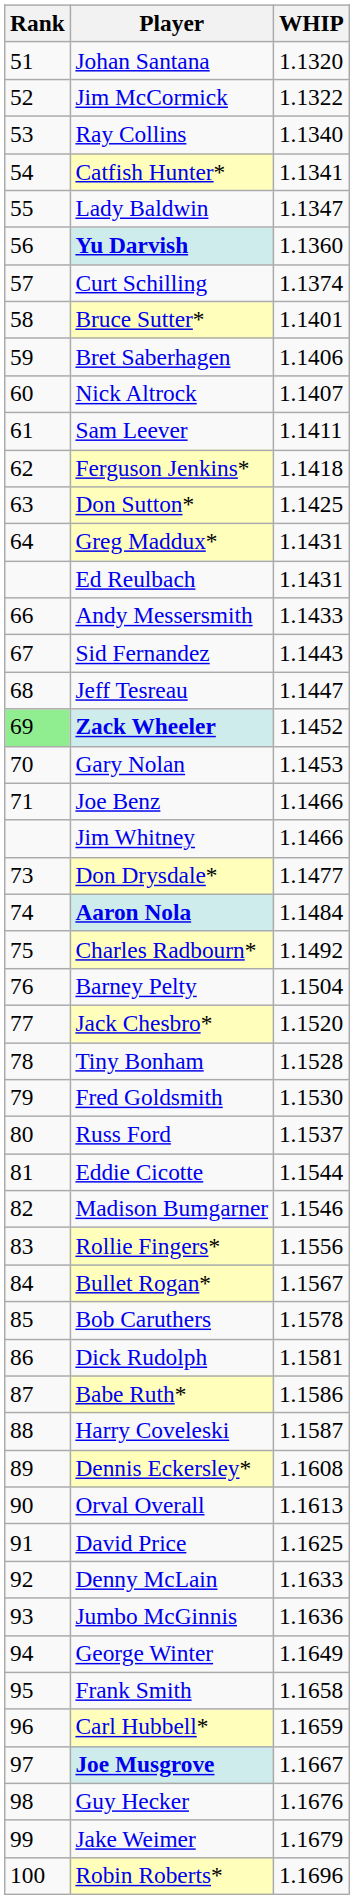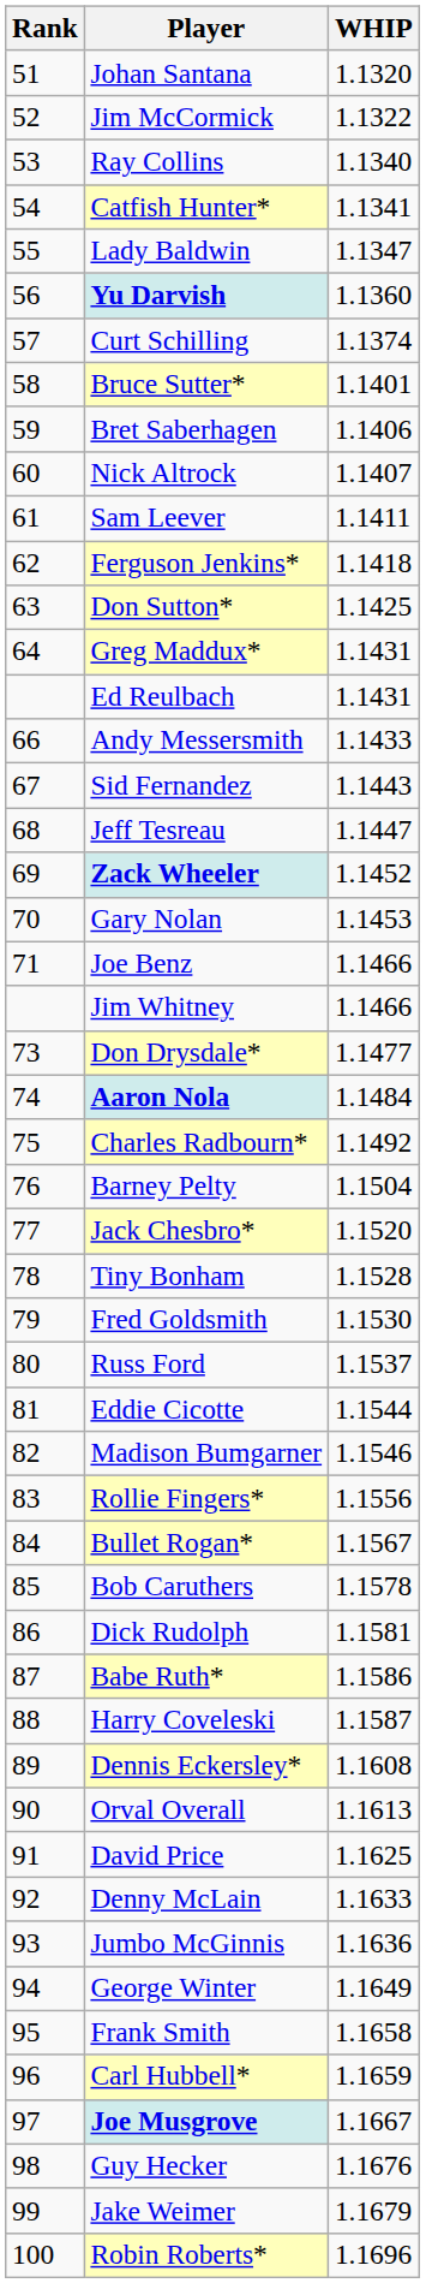 <table class="wikitable" style="float:left;">
 <tr style="white-space:nowrap;">
 <th>Rank</th>
 <th>Player</th>
 <th>WHIP</th>
 </tr>
 <tr>
 <td>51</td>
 <td><a href='#'>Johan Santana</a></td>
 <td>1.1320</td>
 </tr>
 <tr>
 <td>52</td>
 <td><a href='#'>Jim McCormick</a></td>
 <td>1.1322</td>
 </tr>
 <tr>
 <td>53</td>
 <td><a href='#'>Ray Collins</a></td>
 <td>1.1340</td>
 </tr>
 <tr>
 <td>54</td>
 <td style="background:#ffffbb;"><a href='#'>Catfish Hunter</a>*</td>
 <td>1.1341</td>
 </tr>
 <tr>
 <td>55</td>
 <td><a href='#'>Lady Baldwin</a></td>
 <td>1.1347</td>
 </tr>
 <tr>
 <td>56</td>
 <td style="background:#cfecec;"><strong><a href='#'>Yu Darvish</a></strong></td>
 <td>1.1360</td>
 </tr>
 <tr>
 <td>57</td>
 <td><a href='#'>Curt Schilling</a></td>
 <td>1.1374</td>
 </tr>
 <tr>
 <td>58</td>
 <td style="background:#ffffbb;"><a href='#'>Bruce Sutter</a>*</td>
 <td>1.1401</td>
 </tr>
 <tr>
 <td>59</td>
 <td><a href='#'>Bret Saberhagen</a></td>
 <td>1.1406</td>
 </tr>
 <tr>
 <td>60</td>
 <td><a href='#'>Nick Altrock</a></td>
 <td>1.1407</td>
 </tr>
 <tr>
 <td>61</td>
 <td><a href='#'>Sam Leever</a></td>
 <td>1.1411</td>
 </tr>
 <tr>
 <td>62</td>
 <td style="background:#ffffbb;"><a href='#'>Ferguson Jenkins</a>*</td>
 <td>1.1418</td>
 </tr>
 <tr>
 <td>63</td>
 <td style="background:#ffffbb;"><a href='#'>Don Sutton</a>*</td>
 <td>1.1425</td>
 </tr>
 <tr>
 <td>64</td>
 <td style="background:#ffffbb;"><a href='#'>Greg Maddux</a>*</td>
 <td>1.1431</td>
 </tr>
 <tr>
 <td></td>
 <td><a href='#'>Ed Reulbach</a></td>
 <td>1.1431</td>
 </tr>
 <tr>
 <td>66</td>
 <td><a href='#'>Andy Messersmith</a></td>
 <td>1.1433</td>
 </tr>
 <tr>
 <td>67</td>
 <td><a href='#'>Sid Fernandez</a></td>
 <td>1.1443</td>
 </tr>
 <tr>
 <td>68</td>
 <td><a href='#'>Jeff Tesreau</a></td>
 <td>1.1447</td>
 </tr>
 <tr>
-<td style="background: lightgreen;">69</td>
+<td>69</td>
 <td style="background:#cfecec;"><strong><a href='#'>Zack Wheeler</a></strong></td>
 <td>1.1452</td>
 </tr>
 <tr>
 <td>70</td>
 <td><a href='#'>Gary Nolan</a></td>
 <td>1.1453</td>
 </tr>
 <tr>
 <td>71</td>
 <td><a href='#'>Joe Benz</a></td>
 <td>1.1466</td>
 </tr>
 <tr>
 <td></td>
 <td><a href='#'>Jim Whitney</a></td>
 <td>1.1466</td>
 </tr>
 <tr>
 <td>73</td>
 <td style="background:#ffffbb;"><a href='#'>Don Drysdale</a>*</td>
 <td>1.1477</td>
 </tr>
 <tr>
 <td>74</td>
 <td style="background:#cfecec;"><strong><a href='#'>Aaron Nola</a></strong></td>
 <td>1.1484</td>
 </tr>
 <tr>
 <td>75</td>
 <td style="background:#ffffbb;"><a href='#'>Charles Radbourn</a>*</td>
 <td>1.1492</td>
 </tr>
 <tr>
 <td>76</td>
 <td><a href='#'>Barney Pelty</a></td>
 <td>1.1504</td>
 </tr>
 <tr>
 <td>77</td>
 <td style="background:#ffffbb;"><a href='#'>Jack Chesbro</a>*</td>
 <td>1.1520</td>
 </tr>
 <tr>
 <td>78</td>
 <td><a href='#'>Tiny Bonham</a></td>
 <td>1.1528</td>
 </tr>
 <tr>
 <td>79</td>
 <td><a href='#'>Fred Goldsmith</a></td>
 <td>1.1530</td>
 </tr>
 <tr>
 <td>80</td>
 <td><a href='#'>Russ Ford</a></td>
 <td>1.1537</td>
 </tr>
 <tr>
 <td>81</td>
 <td><a href='#'>Eddie Cicotte</a></td>
 <td>1.1544</td>
 </tr>
 <tr>
 <td>82</td>
 <td><a href='#'>Madison Bumgarner</a></td>
 <td>1.1546</td>
 </tr>
 <tr>
 <td>83</td>
 <td style="background:#ffffbb;"><a href='#'>Rollie Fingers</a>*</td>
 <td>1.1556</td>
 </tr>
 <tr>
 <td>84</td>
 <td style="background:#ffffbb;"><a href='#'>Bullet Rogan</a>*</td>
 <td>1.1567</td>
 </tr>
 <tr>
 <td>85</td>
 <td><a href='#'>Bob Caruthers</a></td>
 <td>1.1578</td>
 </tr>
 <tr>
 <td>86</td>
 <td><a href='#'>Dick Rudolph</a></td>
 <td>1.1581</td>
 </tr>
 <tr>
 <td>87</td>
 <td style="background:#ffffbb;"><a href='#'>Babe Ruth</a>*</td>
 <td>1.1586</td>
 </tr>
 <tr>
 <td>88</td>
 <td><a href='#'>Harry Coveleski</a></td>
 <td>1.1587</td>
 </tr>
 <tr>
 <td>89</td>
 <td style="background:#ffffbb;"><a href='#'>Dennis Eckersley</a>*</td>
 <td>1.1608</td>
 </tr>
 <tr>
 <td>90</td>
 <td><a href='#'>Orval Overall</a></td>
 <td>1.1613</td>
 </tr>
 <tr>
 <td>91</td>
 <td><a href='#'>David Price</a></td>
 <td>1.1625</td>
 </tr>
 <tr>
 <td>92</td>
 <td><a href='#'>Denny McLain</a></td>
 <td>1.1633</td>
 </tr>
 <tr>
 <td>93</td>
 <td><a href='#'>Jumbo McGinnis</a></td>
 <td>1.1636</td>
 </tr>
 <tr>
 <td>94</td>
 <td><a href='#'>George Winter</a></td>
 <td>1.1649</td>
 </tr>
 <tr>
 <td>95</td>
 <td><a href='#'>Frank Smith</a></td>
 <td>1.1658</td>
 </tr>
 <tr>
 <td>96</td>
 <td style="background:#ffffbb;"><a href='#'>Carl Hubbell</a>*</td>
 <td>1.1659</td>
 </tr>
 <tr>
 <td>97</td>
 <td style="background:#cfecec;"><strong><a href='#'>Joe Musgrove</a></strong></td>
 <td>1.1667</td>
 </tr>
 <tr>
 <td>98</td>
 <td><a href='#'>Guy Hecker</a></td>
 <td>1.1676</td>
 </tr>
 <tr>
 <td>99</td>
 <td><a href='#'>Jake Weimer</a></td>
 <td>1.1679</td>
 </tr>
 <tr>
 <td>100</td>
 <td style="background:#ffffbb;"><a href='#'>Robin Roberts</a>*</td>
 <td>1.1696</td>
 </tr>
 </table>
